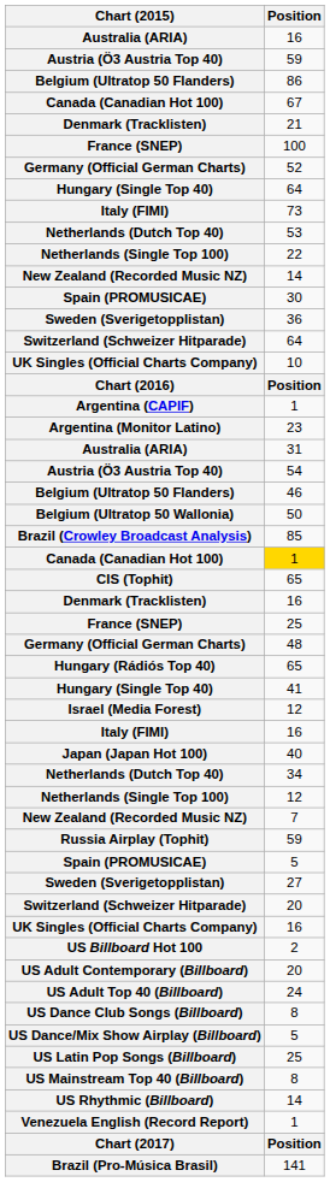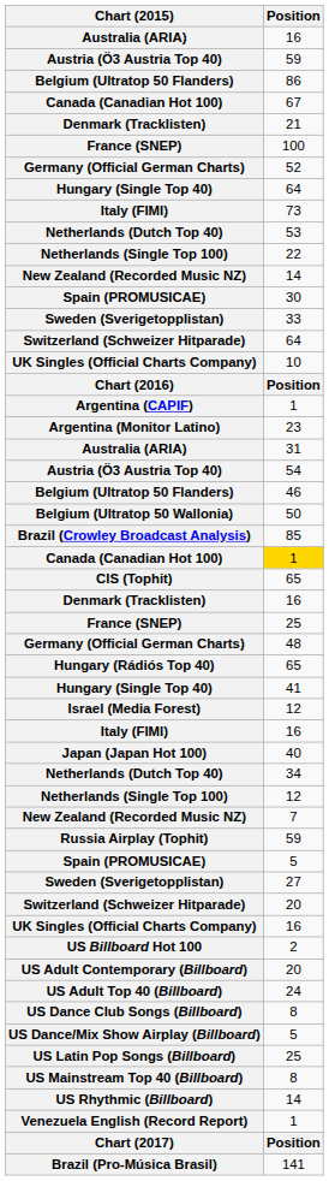 <table class="wikitable sortable plainrowheaders" style="text-align:center">
 <tr>
 <th scope="col">Chart (2015)</th>
 <th scope="col">Position</th>
 </tr>
 <tr>
 <th scope="row">Australia (ARIA)</th>
 <td>16</td>
 </tr>
 <tr>
 <th scope="row">Austria (Ö3 Austria Top 40)</th>
 <td>59</td>
 </tr>
 <tr>
 <th scope="row">Belgium (Ultratop 50 Flanders)</th>
 <td>86</td>
 </tr>
 <tr>
 <th scope="row">Canada (Canadian Hot 100)</th>
 <td>67</td>
 </tr>
 <tr>
 <th scope="row">Denmark (Tracklisten)</th>
 <td>21</td>
 </tr>
 <tr>
 <th scope="row">France (SNEP)</th>
 <td>100</td>
 </tr>
 <tr>
 <th scope="row">Germany (Official German Charts)</th>
 <td>52</td>
 </tr>
 <tr>
 <th scope="row">Hungary (Single Top 40)</th>
 <td>64</td>
 </tr>
 <tr>
 <th scope="row">Italy (FIMI)</th>
 <td>73</td>
 </tr>
 <tr>
 <th scope="row">Netherlands (Dutch Top 40)</th>
 <td>53</td>
 </tr>
 <tr>
 <th scope="row">Netherlands (Single Top 100)</th>
 <td>22</td>
 </tr>
 <tr>
 <th scope="row">New Zealand (Recorded Music NZ)</th>
 <td>14</td>
 </tr>
 <tr>
 <th scope="row">Spain (PROMUSICAE)</th>
 <td>30</td>
 </tr>
 <tr>
 <th scope="row">Sweden (Sverigetopplistan)</th>
-<td>36</td>
+<td>33</td>
 </tr>
 <tr>
 <th scope="row">Switzerland (Schweizer Hitparade)</th>
 <td>64</td>
 </tr>
 <tr>
 <th scope="row">UK Singles (Official Charts Company)</th>
 <td>10</td>
 </tr>
 <tr>
 <th scope="col">Chart (2016)</th>
 <th scope="col">Position</th>
 </tr>
 <tr>
 <th scope="row">Argentina (<a href='#'>CAPIF</a>)</th>
 <td>1</td>
 </tr>
 <tr>
 <th scope="row">Argentina (Monitor Latino)</th>
 <td>23</td>
 </tr>
 <tr>
 <th scope="row">Australia (ARIA)</th>
 <td>31</td>
 </tr>
 <tr>
 <th scope="row">Austria (Ö3 Austria Top 40)</th>
 <td>54</td>
 </tr>
 <tr>
 <th scope="row">Belgium (Ultratop 50 Flanders)</th>
 <td>46</td>
 </tr>
 <tr>
 <th scope="row">Belgium (Ultratop 50 Wallonia)</th>
 <td>50</td>
 </tr>
 <tr>
 <th scope="row">Brazil (<a href='#'>Crowley Broadcast Analysis</a>)</th>
 <td>85</td>
 </tr>
 <tr>
 <th scope="row">Canada (Canadian Hot 100)</th>
 <td style="background: gold;">1</td>
 </tr>
 <tr>
 <th scope="row">CIS (Tophit)</th>
 <td style="text-align:center;">65</td>
 </tr>
 <tr>
 <th scope="row">Denmark (Tracklisten)</th>
 <td>16</td>
 </tr>
 <tr>
 <th scope="row">France (SNEP)</th>
 <td>25</td>
 </tr>
 <tr>
 <th scope="row">Germany (Official German Charts)</th>
 <td>48</td>
 </tr>
 <tr>
 <th scope="row">Hungary (Rádiós Top 40)</th>
 <td>65</td>
 </tr>
 <tr>
 <th scope="row">Hungary (Single Top 40)</th>
 <td>41</td>
 </tr>
 <tr>
 <th scope="row">Israel (Media Forest)</th>
 <td>12</td>
 </tr>
 <tr>
 <th scope="row">Italy (FIMI)</th>
 <td>16</td>
 </tr>
 <tr>
 <th scope="row">Japan (Japan Hot 100)</th>
 <td>40</td>
 </tr>
 <tr>
 <th scope="row">Netherlands (Dutch Top 40)</th>
 <td>34</td>
 </tr>
 <tr>
 <th scope="row">Netherlands (Single Top 100)</th>
 <td>12</td>
 </tr>
 <tr>
 <th scope="row">New Zealand (Recorded Music NZ)</th>
 <td>7</td>
 </tr>
 <tr>
 <th scope="row">Russia Airplay (Tophit)</th>
 <td style="text-align:center;">59</td>
 </tr>
 <tr>
 <th scope="row">Spain (PROMUSICAE)</th>
 <td>5</td>
 </tr>
 <tr>
 <th scope="row">Sweden (Sverigetopplistan)</th>
 <td>27</td>
 </tr>
 <tr>
 <th scope="row">Switzerland (Schweizer Hitparade)</th>
 <td>20</td>
 </tr>
 <tr>
 <th scope="row">UK Singles (Official Charts Company)</th>
 <td>16</td>
 </tr>
 <tr>
 <th scope="row">US <em>Billboard</em> Hot 100</th>
 <td>2</td>
 </tr>
 <tr>
 <th scope="row">US Adult Contemporary (<em>Billboard</em>)</th>
 <td>20</td>
 </tr>
 <tr>
 <th scope="row">US Adult Top 40 (<em>Billboard</em>)</th>
 <td>24</td>
 </tr>
 <tr>
 <th scope="row">US Dance Club Songs (<em>Billboard</em>)</th>
 <td>8</td>
 </tr>
 <tr>
 <th scope="row">US Dance/Mix Show Airplay (<em>Billboard</em>)</th>
 <td>5</td>
 </tr>
 <tr>
 <th scope="row">US Latin Pop Songs (<em>Billboard</em>)</th>
 <td>25</td>
 </tr>
 <tr>
 <th scope="row">US Mainstream Top 40 (<em>Billboard</em>)</th>
 <td>8</td>
 </tr>
 <tr>
 <th scope="row">US Rhythmic (<em>Billboard</em>)</th>
 <td>14</td>
 </tr>
 <tr>
 <th scope="row">Venezuela English (Record Report)</th>
 <td>1</td>
 </tr>
 <tr>
 <th scope="col">Chart (2017)</th>
 <th scope="col">Position</th>
 </tr>
 <tr>
 <th scope="row">Brazil (Pro-Música Brasil)</th>
 <td>141</td>
 </tr>
 </table>
